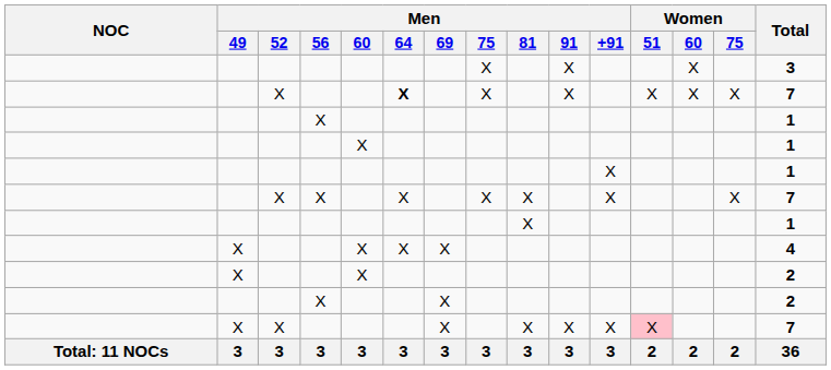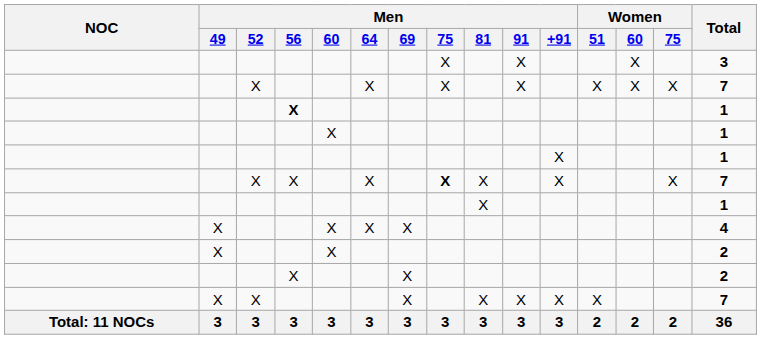 <table class="wikitable" style="text-align:center; font-size:90%">
 <tr>
 <th rowspan="2" width=180 style="text-align:center;">NOC</th>
 <th colspan="10">Men</th>
 <th colspan=3>Women</th>
 <th ! width=55 rowspan="2">Total</th>
 </tr>
 <tr style="font-size: 95%">
 <th width=30><a href='#'>49</a></th>
 <th width=30><a href='#'>52</a></th>
 <th width=30><a href='#'>56</a></th>
 <th width=30><a href='#'>60</a></th>
 <th width=30><a href='#'>64</a></th>
 <th width=30><a href='#'>69</a></th>
 <th width=30><a href='#'>75</a></th>
 <th width=30><a href='#'>81</a></th>
 <th width=30><a href='#'>91</a></th>
 <th width=30><a href='#'>+91</a></th>
 <th width=30><a href='#'>51</a></th>
 <th width=30><a href='#'>60</a></th>
 <th width=30><a href='#'>75</a></th>
 </tr>
 <tr>
 <td style="text-align:left;"></td>
 <td></td>
 <td></td>
 <td></td>
 <td></td>
 <td></td>
 <td></td>
 <td>X</td>
 <td></td>
 <td>X</td>
 <td></td>
 <td></td>
 <td>X</td>
 <td></td>
 <td><strong>3</strong></td>
 </tr>
 <tr>
 <td style="text-align:left;"></td>
 <td></td>
 <td>X</td>
 <td></td>
 <td></td>
-<td><strong>X</strong></td>
+<td>X</td>
 <td></td>
 <td>X</td>
 <td></td>
 <td>X</td>
 <td></td>
 <td>X</td>
 <td>X</td>
 <td>X</td>
 <td><strong>7</strong></td>
 </tr>
 <tr>
 <td style="text-align:left;"></td>
 <td></td>
 <td></td>
-<td>X</td>
+<td><strong>X</strong></td>
 <td></td>
 <td></td>
 <td></td>
 <td></td>
 <td></td>
 <td></td>
 <td></td>
 <td></td>
 <td></td>
 <td></td>
 <td><strong>1</strong></td>
 </tr>
 <tr>
 <td style="text-align:left;"></td>
 <td></td>
 <td></td>
 <td></td>
 <td>X</td>
 <td></td>
 <td></td>
 <td></td>
 <td></td>
 <td></td>
 <td></td>
 <td></td>
 <td></td>
 <td></td>
 <td><strong>1</strong></td>
 </tr>
 <tr>
 <td style="text-align:left;"></td>
 <td></td>
 <td></td>
 <td></td>
 <td></td>
 <td></td>
 <td></td>
 <td></td>
 <td></td>
 <td></td>
 <td>X</td>
 <td></td>
 <td></td>
 <td></td>
 <td><strong>1</strong></td>
 </tr>
 <tr>
 <td style="text-align:left;"></td>
 <td></td>
 <td>X</td>
 <td>X</td>
 <td></td>
 <td>X</td>
 <td></td>
-<td>X</td>
+<td><strong>X</strong></td>
 <td>X</td>
 <td></td>
 <td>X</td>
 <td></td>
 <td></td>
 <td>X</td>
 <td><strong>7</strong></td>
 </tr>
 <tr>
 <td style="text-align:left;"></td>
 <td></td>
 <td></td>
 <td></td>
 <td></td>
 <td></td>
 <td></td>
 <td></td>
 <td>X</td>
 <td></td>
 <td></td>
 <td></td>
 <td></td>
 <td></td>
 <td><strong>1</strong></td>
 </tr>
 <tr>
 <td style="text-align:left;"></td>
 <td>X</td>
 <td></td>
 <td></td>
 <td>X</td>
 <td>X</td>
 <td>X</td>
 <td></td>
 <td></td>
 <td></td>
 <td></td>
 <td></td>
 <td></td>
 <td></td>
 <td><strong>4</strong></td>
 </tr>
 <tr>
 <td style="text-align:left;"></td>
 <td>X</td>
 <td></td>
 <td></td>
 <td>X</td>
 <td></td>
 <td></td>
 <td></td>
 <td></td>
 <td></td>
 <td></td>
 <td></td>
 <td></td>
 <td></td>
 <td><strong>2</strong></td>
 </tr>
 <tr>
 <td style="text-align:left;"></td>
 <td></td>
 <td></td>
 <td>X</td>
 <td></td>
 <td></td>
 <td>X</td>
 <td></td>
 <td></td>
 <td></td>
 <td></td>
 <td></td>
 <td></td>
 <td></td>
 <td><strong>2</strong></td>
 </tr>
 <tr>
 <td style="text-align:left;"></td>
 <td>X</td>
 <td>X</td>
 <td></td>
 <td></td>
 <td></td>
 <td>X</td>
 <td></td>
 <td>X</td>
 <td>X</td>
 <td>X</td>
-<td style="background: pink;">X</td>
+<td>X</td>
 <td></td>
 <td></td>
 <td><strong>7</strong></td>
 </tr>
 <tr>
 <th>Total: 11 NOCs</th>
 <th>3</th>
 <th>3</th>
 <th>3</th>
 <th>3</th>
 <th>3</th>
 <th>3</th>
 <th>3</th>
 <th>3</th>
 <th>3</th>
 <th>3</th>
 <th>2</th>
 <th>2</th>
 <th>2</th>
 <th>36</th>
 </tr>
 </table>
